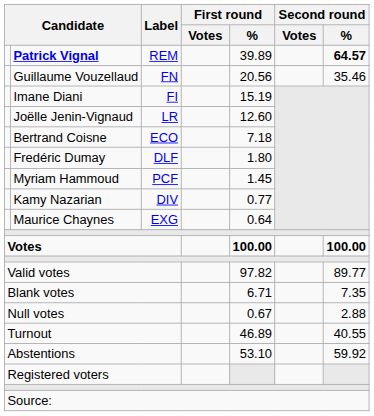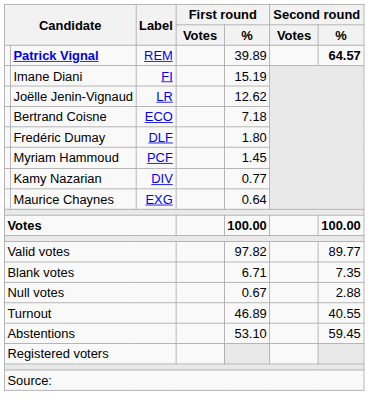 <table class="wikitable" style="text-align:right;font-size:95%;">
 <tr>
 <th rowspan="2" colspan="2">Candidate</th>
 <th rowspan="2">Label</th>
 <th colspan="2">First round</th>
 <th colspan="2">Second round</th>
 </tr>
 <tr>
 <th style="width:50px;">Votes</th>
 <th style="width:45px;">%</th>
 <th style="width:50px;">Votes</th>
 <th style="width:45px;">%</th>
 </tr>
 <tr>
 <td style="color:inherit;background:"></td>
 <td style="text-align:left;"><strong><a href='#'>Patrick Vignal</a></strong></td>
 <td><a href='#'>REM</a></td>
 <td></td>
 <td>39.89</td>
 <td><strong></strong></td>
 <td><strong>64.57</strong></td>
 </tr>
 <tr>
 <td style="color:inherit;background:"></td>
-<td style="text-align:left;">Guillaume Vouzellaud</td>
-<td><a href='#'>FN</a></td>
-<td></td>
-<td>20.56</td>
-<td></td>
-<td>35.46</td>
-</tr>
-<tr>
-<td style="color:inherit;background:"></td>
 <td style="text-align:left;">Imane Diani</td>
 <td><a href='#'>FI</a></td>
 <td></td>
 <td>15.19</td>
 <td colspan="2" rowspan="7" style="background:#E9E9E9;"></td>
 </tr>
 <tr>
 <td style="color:inherit;background:"></td>
 <td style="text-align:left;">Joëlle Jenin-Vignaud</td>
 <td><a href='#'>LR</a></td>
 <td></td>
-<td>12.60</td>
+<td>12.62</td>
 </tr>
 <tr>
 <td style="color:inherit;background:"></td>
 <td style="text-align:left;">Bertrand Coisne</td>
 <td><a href='#'>ECO</a></td>
 <td></td>
 <td>7.18</td>
 </tr>
 <tr>
 <td style="color:inherit;background:"></td>
 <td style="text-align:left;">Fredéric Dumay</td>
 <td><a href='#'>DLF</a></td>
 <td></td>
 <td>1.80</td>
 </tr>
 <tr>
 <td style="color:inherit;background:"></td>
 <td style="text-align:left;">Myriam Hammoud</td>
 <td><a href='#'>PCF</a></td>
 <td></td>
 <td>1.45</td>
 </tr>
 <tr>
 <td style="color:inherit;background:"></td>
 <td style="text-align:left;">Kamy Nazarian</td>
 <td><a href='#'>DIV</a></td>
 <td></td>
 <td>0.77</td>
 </tr>
 <tr>
 <td style="color:inherit;background:"></td>
 <td style="text-align:left;">Maurice Chaynes</td>
 <td><a href='#'>EXG</a></td>
 <td></td>
 <td>0.64</td>
 </tr>
 <tr>
 <td colspan="7" style="background:#E9E9E9;"></td>
 </tr>
 <tr style="font-weight:bold;">
 <td colspan="3" style="text-align:left;">Votes</td>
 <td></td>
 <td>100.00</td>
 <td></td>
 <td>100.00</td>
 </tr>
 <tr>
 <td colspan="7" style="background:#E9E9E9;"></td>
 </tr>
 <tr>
 <td colspan="3" style="text-align:left;">Valid votes</td>
 <td></td>
 <td>97.82</td>
 <td></td>
 <td>89.77</td>
 </tr>
 <tr>
 <td colspan="3" style="text-align:left;">Blank votes</td>
 <td></td>
 <td>6.71</td>
 <td></td>
 <td>7.35</td>
 </tr>
 <tr>
 <td colspan="3" style="text-align:left;">Null votes</td>
 <td></td>
 <td>0.67</td>
 <td></td>
 <td>2.88</td>
 </tr>
 <tr>
 <td colspan="3" style="text-align:left;">Turnout</td>
 <td></td>
 <td>46.89</td>
 <td></td>
 <td>40.55</td>
 </tr>
 <tr>
 <td colspan="3" style="text-align:left;">Abstentions</td>
 <td></td>
 <td>53.10</td>
 <td></td>
-<td>59.92</td>
+<td>59.45</td>
 </tr>
 <tr>
 <td colspan="3" style="text-align:left;">Registered voters</td>
 <td></td>
 <td style="color:inherit;background:#E9E9E9;"></td>
 <td></td>
 <td style="color:inherit;background:#E9E9E9;"></td>
 </tr>
 <tr>
 <td colspan="7" style="background:#E9E9E9;"></td>
 </tr>
 <tr>
 <td colspan="7" style="text-align:left;">Source: </td>
 </tr>
 </table>
